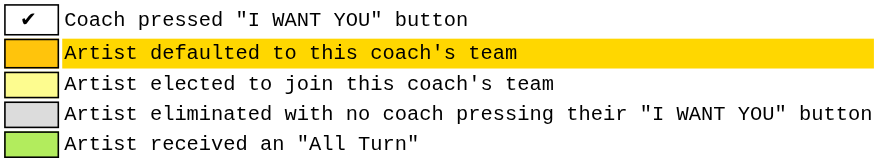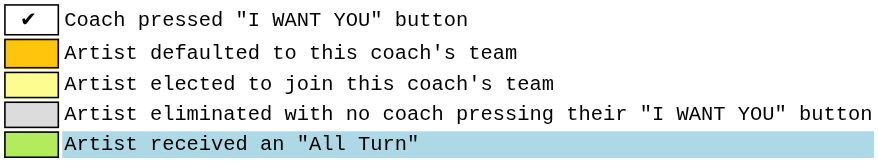 <table class="toccolours" style="font-size: 100%; white-space: nowrap">
 <tr>
 <td style="background:white; border:1px solid black"> ✔ </td>
 <td>Coach pressed "I WANT YOU" button</td>
 </tr>
 <tr>
 <td style="background:#FFC40C; border: 1px solid black">    </td>
-<td style="background: gold;">Artist defaulted to this coach's team</td>
+<td>Artist defaulted to this coach's team</td>
 </tr>
 <tr>
 <td style="background:#fdfc8f; border: 1px solid black"></td>
 <td>Artist elected to join this coach's team</td>
 </tr>
 <tr>
 <td style="background:#DCDCDC; border: 1px solid"></td>
 <td>Artist eliminated with no coach pressing their "I WANT YOU" button</td>
 </tr>
 <tr>
 <td style="background:#B2EC5D; border: 1px solid"></td>
-<td>Artist received an "All Turn"</td>
+<td style="background: lightblue;">Artist received an "All Turn"</td>
 </tr>
 </table>
